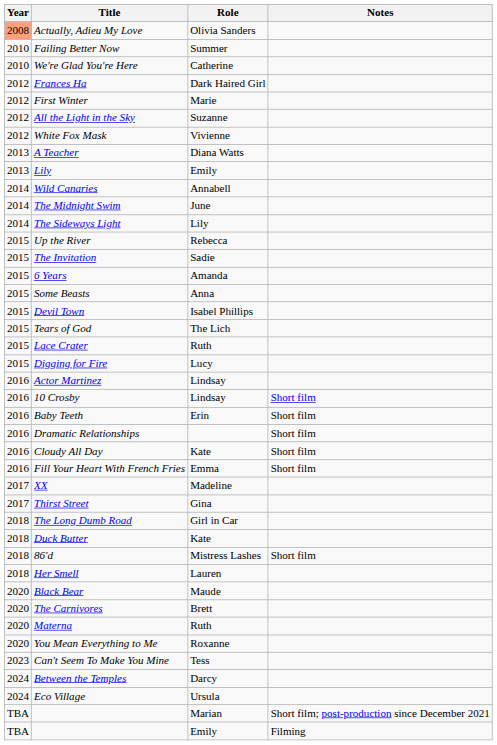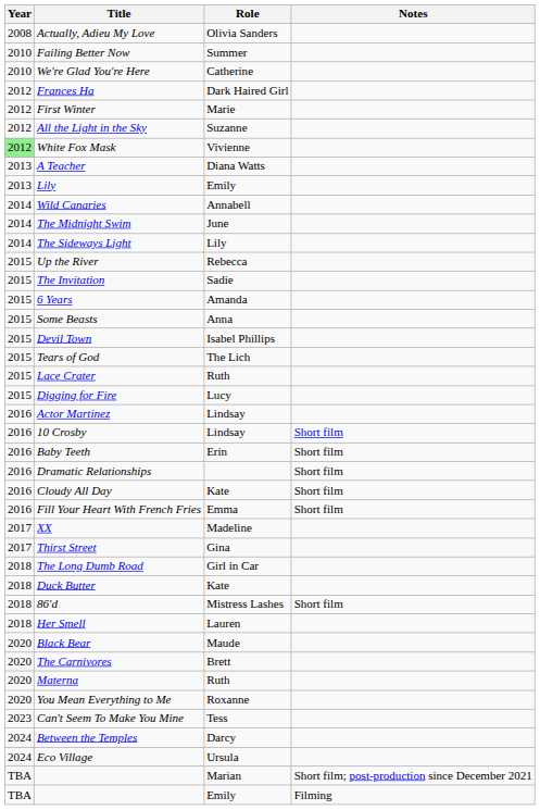 <table class="wikitable sortable">
 <tr>
 <th>Year</th>
 <th>Title</th>
 <th>Role</th>
 <th>Notes</th>
 </tr>
 <tr>
-<td style="background: lightsalmon;">2008</td>
+<td>2008</td>
 <td><em>Actually, Adieu My Love</em></td>
 <td>Olivia Sanders</td>
 <td></td>
 </tr>
 <tr>
 <td>2010</td>
 <td><em>Failing Better Now</em></td>
 <td>Summer</td>
 <td></td>
 </tr>
 <tr>
 <td>2010</td>
 <td><em>We're Glad You're Here</em></td>
 <td>Catherine</td>
 <td></td>
 </tr>
 <tr>
 <td>2012</td>
 <td><em><a href='#'>Frances Ha</a></em></td>
 <td>Dark Haired Girl</td>
 <td></td>
 </tr>
 <tr>
 <td>2012</td>
 <td><em>First Winter</em></td>
 <td>Marie</td>
 <td></td>
 </tr>
 <tr>
 <td>2012</td>
 <td><em><a href='#'>All the Light in the Sky</a></em></td>
 <td>Suzanne</td>
 <td></td>
 </tr>
 <tr>
-<td>2012</td>
+<td style="background: lightgreen;">2012</td>
 <td><em>White Fox Mask</em></td>
 <td>Vivienne</td>
 <td></td>
 </tr>
 <tr>
 <td>2013</td>
 <td><em><a href='#'>A Teacher</a></em></td>
 <td>Diana Watts</td>
 <td></td>
 </tr>
 <tr>
 <td>2013</td>
 <td><em><a href='#'>Lily</a></em></td>
 <td>Emily</td>
 <td></td>
 </tr>
 <tr>
 <td>2014</td>
 <td><em><a href='#'>Wild Canaries</a></em></td>
 <td>Annabell</td>
 <td></td>
 </tr>
 <tr>
 <td>2014</td>
 <td><em><a href='#'>The Midnight Swim</a></em></td>
 <td>June</td>
 <td></td>
 </tr>
 <tr>
 <td>2014</td>
 <td><em><a href='#'>The Sideways Light</a></em></td>
 <td>Lily</td>
 <td></td>
 </tr>
 <tr>
 <td>2015</td>
 <td><em>Up the River</em></td>
 <td>Rebecca</td>
 <td></td>
 </tr>
 <tr>
 <td>2015</td>
 <td><em><a href='#'>The Invitation</a></em></td>
 <td>Sadie</td>
 <td></td>
 </tr>
 <tr>
 <td>2015</td>
 <td><em><a href='#'>6 Years</a></em></td>
 <td>Amanda</td>
 <td></td>
 </tr>
 <tr>
 <td>2015</td>
 <td><em>Some Beasts</em></td>
 <td>Anna</td>
 <td></td>
 </tr>
 <tr>
 <td>2015</td>
 <td><em><a href='#'>Devil Town</a></em></td>
 <td>Isabel Phillips</td>
 <td></td>
 </tr>
 <tr>
 <td>2015</td>
 <td><em>Tears of God</em></td>
 <td>The Lich</td>
 <td></td>
 </tr>
 <tr>
 <td>2015</td>
 <td><em><a href='#'>Lace Crater</a></em></td>
 <td>Ruth</td>
 <td></td>
 </tr>
 <tr>
 <td>2015</td>
 <td><em><a href='#'>Digging for Fire</a></em></td>
 <td>Lucy</td>
 <td></td>
 </tr>
 <tr>
 <td>2016</td>
 <td><em><a href='#'>Actor Martinez</a></em></td>
 <td>Lindsay</td>
 <td></td>
 </tr>
 <tr>
 <td>2016</td>
 <td><em>10 Crosby</em></td>
 <td>Lindsay</td>
 <td><a href='#'>Short film</a></td>
 </tr>
 <tr>
 <td>2016</td>
 <td><em>Baby Teeth</em></td>
 <td>Erin</td>
 <td>Short film</td>
 </tr>
 <tr>
 <td>2016</td>
 <td><em>Dramatic Relationships</em></td>
 <td></td>
 <td>Short film</td>
 </tr>
 <tr>
 <td>2016</td>
 <td><em>Cloudy All Day</em></td>
 <td>Kate</td>
 <td>Short film</td>
 </tr>
 <tr>
 <td>2016</td>
 <td><em>Fill Your Heart With French Fries</em></td>
 <td>Emma</td>
 <td>Short film</td>
 </tr>
 <tr>
 <td>2017</td>
 <td><em><a href='#'>XX</a></em></td>
 <td>Madeline</td>
 <td></td>
 </tr>
 <tr>
 <td>2017</td>
 <td><em><a href='#'>Thirst Street</a></em></td>
 <td>Gina</td>
 <td></td>
 </tr>
 <tr>
 <td>2018</td>
 <td><em><a href='#'>The Long Dumb Road</a></em></td>
 <td>Girl in Car</td>
 <td></td>
 </tr>
 <tr>
 <td>2018</td>
 <td><em><a href='#'>Duck Butter</a></em></td>
 <td>Kate</td>
 <td></td>
 </tr>
 <tr>
 <td>2018</td>
 <td><em>86'd</em></td>
 <td>Mistress Lashes</td>
 <td>Short film</td>
 </tr>
 <tr>
 <td>2018</td>
 <td><em><a href='#'>Her Smell</a></em></td>
 <td>Lauren</td>
 <td></td>
 </tr>
 <tr>
 <td>2020</td>
 <td><em><a href='#'>Black Bear</a></em></td>
 <td>Maude</td>
 <td></td>
 </tr>
 <tr>
 <td>2020</td>
 <td><em><a href='#'>The Carnivores</a></em></td>
 <td>Brett</td>
 <td></td>
 </tr>
 <tr>
 <td>2020</td>
 <td><em><a href='#'>Materna</a></em></td>
 <td>Ruth</td>
 <td></td>
 </tr>
 <tr>
 <td>2020</td>
 <td><em>You Mean Everything to Me</em></td>
 <td>Roxanne</td>
 <td></td>
 </tr>
 <tr>
 <td>2023</td>
 <td><em>Can't Seem To Make You Mine</em></td>
 <td>Tess</td>
 <td></td>
 </tr>
 <tr>
 <td>2024</td>
 <td><em><a href='#'>Between the Temples</a></em></td>
 <td>Darcy</td>
 <td></td>
 </tr>
 <tr>
 <td>2024</td>
 <td><em>Eco Village</em></td>
 <td>Ursula</td>
 <td></td>
 </tr>
 <tr>
 <td>TBA</td>
 <td></td>
 <td>Marian</td>
 <td>Short film; <a href='#'>post-production</a> since December 2021</td>
 </tr>
 <tr>
 <td>TBA</td>
 <td></td>
 <td>Emily</td>
 <td>Filming</td>
 </tr>
 </table>
